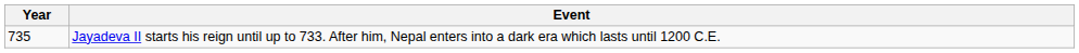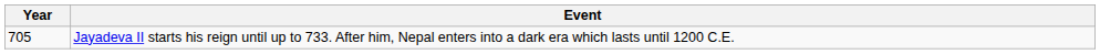 <table class="wikitable" width="100%">
 <tr>
 <th style="width:6%">Year</th>
 <th>Event</th>
 </tr>
 <tr>
-<td>735</td>
+<td>705</td>
 <td><a href='#'>Jayadeva II</a> starts his reign until up to 733. After him, Nepal enters into a dark era which lasts until 1200 C.E.</td>
 </tr>
 </table>
